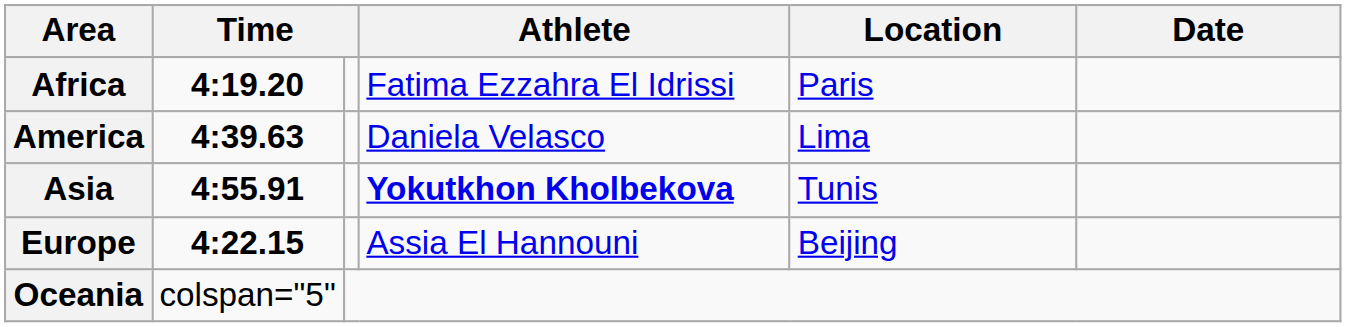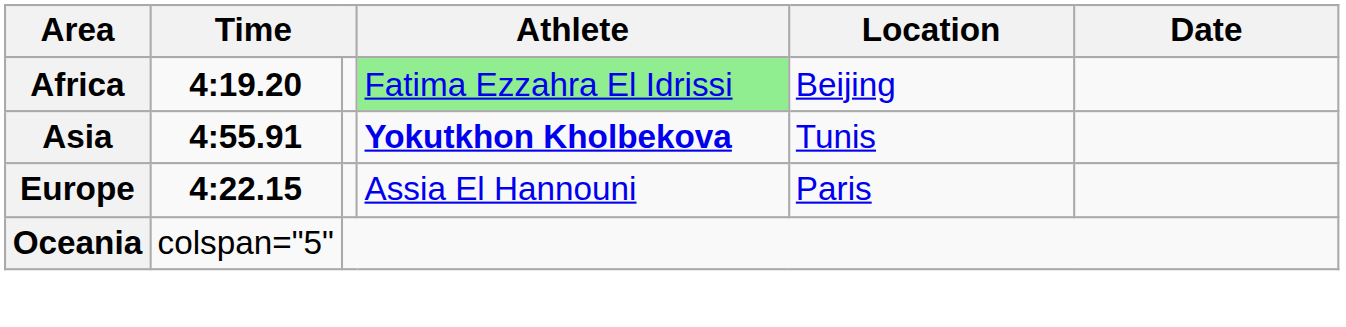 <table class="wikitable">
 <tr>
 <th width="45">Area</th>
 <th width="80" colspan="2">Time</th>
 <th width="200">Athlete</th>
 <th width="130">Location</th>
 <th width="120">Date</th>
 </tr>
 <tr>
 <th>Africa</th>
 <td align="center"><strong>4:19.20</strong></td>
 <td align="center"></td>
-<td> <a href='#'>Fatima Ezzahra El Idrissi</a></td>
-<td> <a href='#'>Paris</a></td>
-<td align="right"></td>
-</tr>
-<tr>
-<th>America</th>
-<td align="center"><strong>4:39.63</strong></td>
-<td align="center"></td>
-<td> <a href='#'>Daniela Velasco</a></td>
-<td> <a href='#'>Lima</a></td>
+<td style="background: lightgreen;"> <a href='#'>Fatima Ezzahra El Idrissi</a></td>
+<td> <a href='#'>Beijing</a></td>
 <td align="right"></td>
 </tr>
 <tr>
 <th>Asia</th>
 <td align="center"><strong>4:55.91</strong></td>
 <td align="center"></td>
 <td><strong> <a href='#'>Yokutkhon Kholbekova</a></strong></td>
 <td> <a href='#'>Tunis</a></td>
 <td align="right"></td>
 </tr>
 <tr>
 <th>Europe</th>
 <td align="center"><strong>4:22.15</strong></td>
 <td align="center"><strong></strong></td>
 <td> <a href='#'>Assia El Hannouni</a></td>
-<td> <a href='#'>Beijing</a></td>
+<td> <a href='#'>Paris</a></td>
 <td align="right"></td>
 </tr>
 <tr>
 <th>Oceania</th>
 <td>colspan="5" </td>
 </tr>
 </table>
